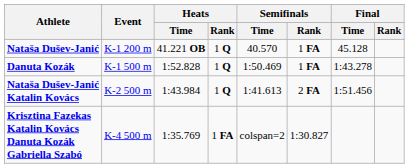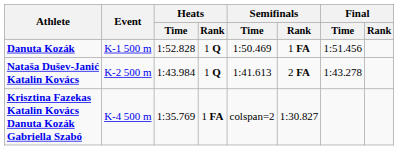 <table class=wikitable style="font-size:90%;">
 <tr>
 <th rowspan=2>Athlete</th>
 <th rowspan=2>Event</th>
 <th colspan=2>Heats</th>
 <th colspan=2>Semifinals</th>
 <th colspan=2>Final</th>
 </tr>
 <tr style="font-size:95%">
 <th>Time</th>
 <th>Rank</th>
 <th>Time</th>
 <th>Rank</th>
 <th>Time</th>
 <th>Rank</th>
 </tr>
 <tr align=center>
-<td align=left><strong><a href='#'>Nataša Dušev-Janić</a></strong></td>
-<td align=left><a href='#'>K-1 200 m</a></td>
-<td>41.221 <strong>OB</strong></td>
-<td>1 <strong>Q</strong></td>
-<td>40.570</td>
-<td>1 <strong>FA</strong></td>
-<td>45.128</td>
-<td></td>
-</tr>
-<tr align=center>
 <td align=left><strong><a href='#'>Danuta Kozák</a></strong></td>
 <td align=left><a href='#'>K-1 500 m</a></td>
 <td>1:52.828</td>
 <td>1 <strong>Q</strong></td>
 <td>1:50.469</td>
 <td>1 <strong>FA</strong></td>
-<td>1:43.278</td>
+<td>1:51.456</td>
 <td></td>
 </tr>
 <tr align=center>
 <td align=left><strong><a href='#'>Nataša Dušev-Janić</a><br><a href='#'>Katalin Kovács</a></strong></td>
 <td align=left><a href='#'>K-2 500 m</a></td>
 <td>1:43.984</td>
 <td>1 <strong>Q</strong></td>
 <td>1:41.613</td>
 <td>2 <strong>FA</strong></td>
-<td>1:51.456</td>
+<td>1:43.278</td>
 <td></td>
 </tr>
 <tr align=center>
 <td align=left><strong><a href='#'>Krisztina Fazekas</a><br><a href='#'>Katalin Kovács</a><br><a href='#'>Danuta Kozák</a><br><a href='#'>Gabriella Szabó</a></strong></td>
 <td align=left><a href='#'>K-4 500 m</a></td>
 <td>1:35.769</td>
 <td>1 <strong>FA</strong></td>
 <td>colspan=2 </td>
 <td>1:30.827</td>
 <td></td>
 </tr>
 </table>
